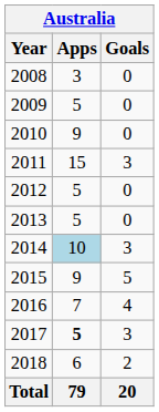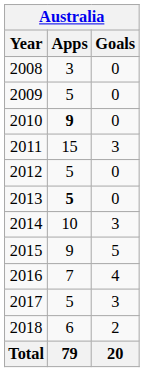 <table class="wikitable" style="text-align:center">
 <tr>
 <th colspan=3><a href='#'>Australia</a></th>
 </tr>
 <tr>
 <th>Year</th>
 <th>Apps</th>
 <th>Goals</th>
 </tr>
 <tr>
 <td>2008</td>
 <td>3</td>
 <td>0</td>
 </tr>
 <tr>
 <td>2009</td>
 <td>5</td>
 <td>0</td>
 </tr>
 <tr>
 <td>2010</td>
-<td>9</td>
+<td><strong>9</strong></td>
 <td>0</td>
 </tr>
 <tr>
 <td>2011</td>
 <td>15</td>
 <td>3</td>
 </tr>
 <tr>
 <td>2012</td>
 <td>5</td>
 <td>0</td>
 </tr>
 <tr>
 <td>2013</td>
-<td>5</td>
+<td><strong>5</strong></td>
 <td>0</td>
 </tr>
 <tr>
 <td>2014</td>
-<td style="background: lightblue;">10</td>
+<td>10</td>
 <td>3</td>
 </tr>
 <tr>
 <td>2015</td>
 <td>9</td>
 <td>5</td>
 </tr>
 <tr>
 <td>2016</td>
 <td>7</td>
 <td>4</td>
 </tr>
 <tr>
 <td>2017</td>
-<td><strong>5</strong></td>
+<td>5</td>
 <td>3</td>
 </tr>
 <tr>
 <td>2018</td>
 <td>6</td>
 <td>2</td>
 </tr>
 <tr>
 <th>Total</th>
 <th>79</th>
 <th>20</th>
 </tr>
 </table>
